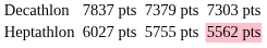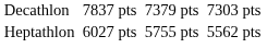 <table>
 <tr>
 <td>Decathlon</td>
 <td></td>
 <td>7837 pts </td>
 <td></td>
 <td>7379 pts</td>
 <td></td>
 <td>7303 pts </td>
 </tr>
 <tr>
 <td>Heptathlon</td>
 <td></td>
 <td>6027 pts</td>
 <td></td>
 <td>5755 pts</td>
 <td></td>
-<td style="background: pink;">5562 pts </td>
+<td>5562 pts </td>
 </tr>
 </table>
